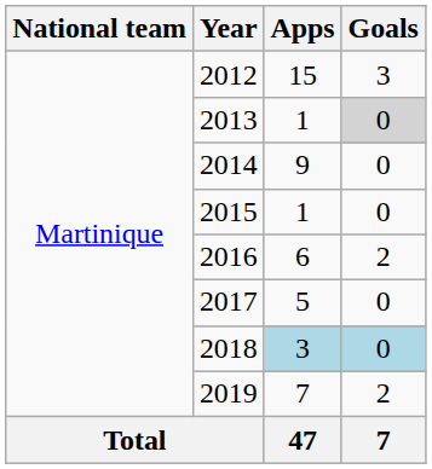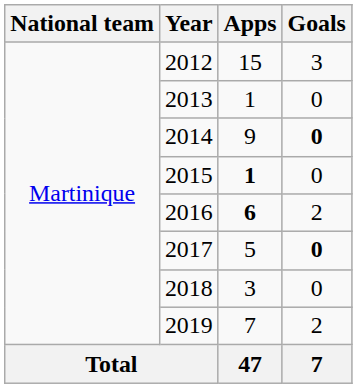 <table class="wikitable" style="text-align:center">
 <tr>
 <th>National team</th>
 <th>Year</th>
 <th>Apps</th>
 <th>Goals</th>
 </tr>
 <tr>
 <td rowspan="8"><a href='#'>Martinique</a></td>
 <td>2012</td>
 <td>15</td>
 <td>3</td>
 </tr>
 <tr>
 <td>2013</td>
 <td>1</td>
-<td style="background: lightgrey;">0</td>
+<td>0</td>
 </tr>
 <tr>
 <td>2014</td>
 <td>9</td>
-<td>0</td>
+<td><strong>0</strong></td>
 </tr>
 <tr>
 <td>2015</td>
-<td>1</td>
+<td><strong>1</strong></td>
 <td>0</td>
 </tr>
 <tr>
 <td>2016</td>
-<td>6</td>
+<td><strong>6</strong></td>
 <td>2</td>
 </tr>
 <tr>
 <td>2017</td>
 <td>5</td>
-<td>0</td>
+<td><strong>0</strong></td>
 </tr>
 <tr>
 <td>2018</td>
-<td style="background: lightblue;">3</td>
-<td style="background: lightblue;">0</td>
+<td>3</td>
+<td>0</td>
 </tr>
 <tr>
 <td>2019</td>
 <td>7</td>
 <td>2</td>
 </tr>
 <tr>
 <th colspan="2">Total</th>
 <th>47</th>
 <th>7</th>
 </tr>
 </table>
